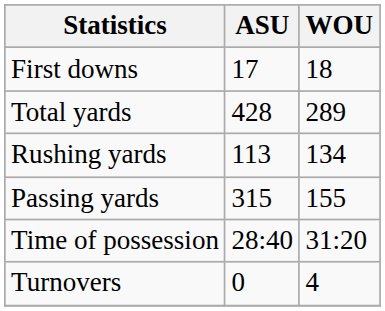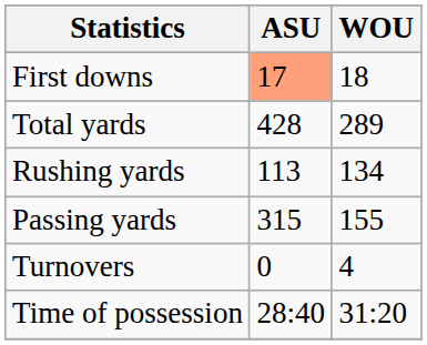 <table class="wikitable" style="float: left;">
 <tr>
 <th>Statistics</th>
 <th>ASU</th>
 <th>WOU</th>
 </tr>
 <tr>
 <td>First downs</td>
-<td>17</td>
+<td style="background: lightsalmon;">17</td>
 <td>18</td>
 </tr>
 <tr>
 <td>Total yards</td>
 <td>428</td>
 <td>289</td>
 </tr>
 <tr>
 <td>Rushing yards</td>
 <td>113</td>
 <td>134</td>
 </tr>
 <tr>
 <td>Passing yards</td>
 <td>315</td>
 <td>155</td>
 </tr>
 <tr>
+<td>Turnovers</td>
+<td>0</td>
+<td>4</td>
+</tr>
+<tr>
 <td>Time of possession</td>
 <td>28:40</td>
 <td>31:20</td>
 </tr>
 <tr>
-<td>Turnovers</td>
-<td>0</td>
-<td>4</td>
-</tr>
-<tr>
 </tr>
 </table>
